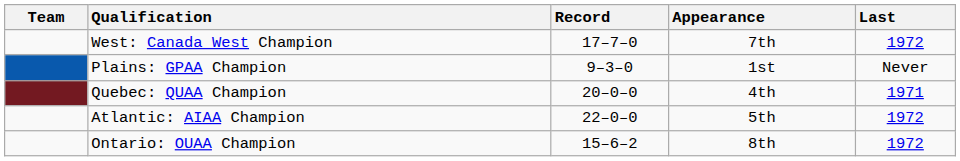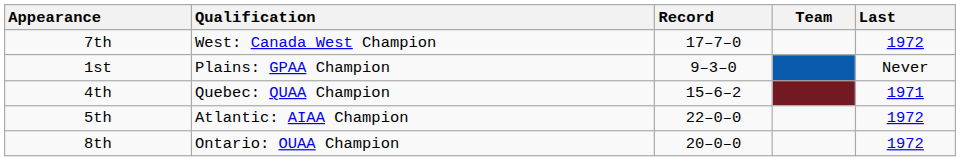 <table class="wikitable sortable" style="text-align: center;" width=800>
 <tr style="background:#efefef; text-align:center">
-<th `style="text-align:left">Team</th>
+<th style="text-align:left">Appearance</th>
 <th style="text-align:left">Qualification</th>
 <th style="text-align:left">Record</th>
-<th style="text-align:left">Appearance</th>
+<th `style="text-align:left">Team</th>
 <th style="text-align:left">Last</th>
 </tr>
 <tr style="text-align:center">
-<td style="text-align:left; "><a href='#'></a></td>
+<td style="text-align:center">7th</td>
 <td style="text-align:left">West: <a href='#'>Canada West</a> Champion</td>
 <td style="text-align:center">17–7–0</td>
-<td style="text-align:center">7th</td>
+<td style="text-align:left; "><a href='#'></a></td>
 <td style="text-align:center"><a href='#'>1972</a></td>
 </tr>
 <tr style="text-align:center">
-<td style="text-align:left; color:white; background:#0959ad"><a href='#'></a></td>
+<td style="text-align:center">1st</td>
 <td style="text-align:left">Plains: <a href='#'>GPAA</a> Champion</td>
 <td style="text-align:center">9–3–0</td>
-<td style="text-align:center">1st</td>
+<td style="text-align:left; color:white; background:#0959ad"><a href='#'></a></td>
 <td style="text-align:center">Never</td>
 </tr>
 <tr style="text-align:center">
+<td style="text-align:center">4th</td>
+<td style="text-align:left">Quebec: <a href='#'>QUAA</a> Champion</td>
+<td style="text-align:center">15–6–2</td>
 <td style="text-align:left; color:white; background:#731921; "><a href='#'></a></td>
-<td style="text-align:left">Quebec: <a href='#'>QUAA</a> Champion</td>
-<td style="text-align:center">20–0–0</td>
-<td style="text-align:center">4th</td>
 <td style="text-align:center"><a href='#'>1971</a></td>
 </tr>
 <tr style="text-align:center">
-<td style="text-align:left; "><a href='#'></a></td>
+<td style="text-align:center">5th</td>
 <td style="text-align:left">Atlantic: <a href='#'>AIAA</a> Champion</td>
 <td style="text-align:center">22–0–0</td>
-<td style="text-align:center">5th</td>
+<td style="text-align:left; "><a href='#'></a></td>
 <td style="text-align:center"><a href='#'>1972</a></td>
 </tr>
 <tr style="text-align:center">
+<td style="text-align:center">8th</td>
+<td style="text-align:left">Ontario: <a href='#'>OUAA</a> Champion</td>
+<td style="text-align:center">20–0–0</td>
 <td style="text-align:left; "><a href='#'></a></td>
-<td style="text-align:left">Ontario: <a href='#'>OUAA</a> Champion</td>
-<td style="text-align:center">15–6–2</td>
-<td style="text-align:center">8th</td>
 <td style="text-align:center"><a href='#'>1972</a></td>
 </tr>
 </table>
